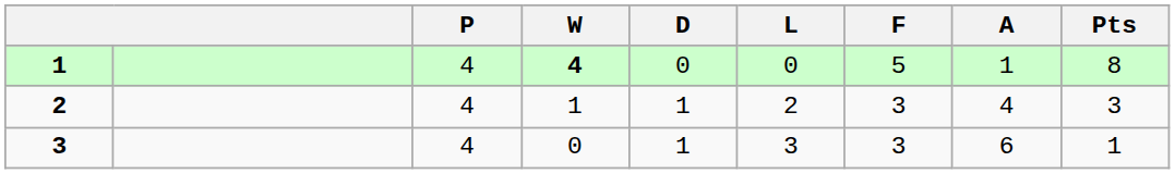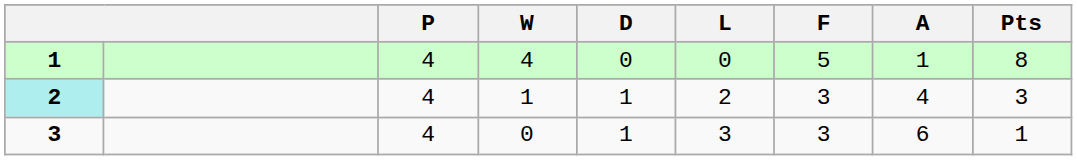 <table class="wikitable">
 <tr>
 <th colspan="2"></th>
 <th rowspan="1">P</th>
 <th rowspan="1">W</th>
 <th colspan="1">D</th>
 <th colspan="1">L</th>
 <th colspan="1">F</th>
 <th colspan="1">A</th>
 <th colspan="1">Pts</th>
 </tr>
 <tr style="background:#ccffcc;">
 <td style="text-align:center" width="50"><strong>1</strong></td>
 <td width="150"><strong></strong></td>
 <td style="text-align:center" width="50">4</td>
-<td style="text-align:center" width="50"><strong>4</strong></td>
+<td style="text-align:center" width="50">4</td>
 <td style="text-align:center" width="50">0</td>
 <td style="text-align:center" width="50">0</td>
 <td style="text-align:center" width="50">5</td>
 <td style="text-align:center" width="50">1</td>
 <td style="text-align:center" width="50">8</td>
 </tr>
 <tr>
-<td style="text-align:center"><strong>2</strong></td>
+<td style="background: paleturquoise; text-align:center"><strong>2</strong></td>
 <td></td>
 <td style="text-align:center">4</td>
 <td style="text-align:center">1</td>
 <td style="text-align:center">1</td>
 <td style="text-align:center">2</td>
 <td style="text-align:center">3</td>
 <td style="text-align:center">4</td>
 <td style="text-align:center">3</td>
 </tr>
 <tr>
 <td style="text-align:center"><strong>3</strong></td>
 <td></td>
 <td style="text-align:center">4</td>
 <td style="text-align:center">0</td>
 <td style="text-align:center">1</td>
 <td style="text-align:center">3</td>
 <td style="text-align:center">3</td>
 <td style="text-align:center">6</td>
 <td style="text-align:center">1</td>
 </tr>
 </table>
